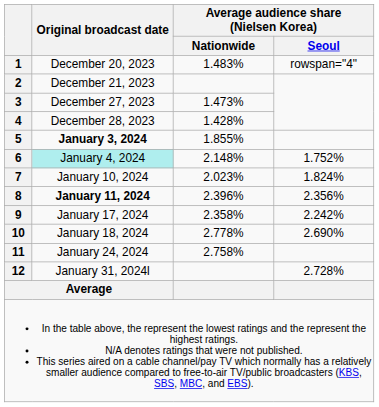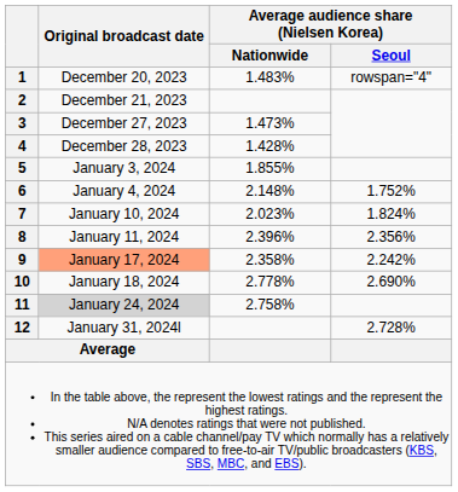 <table class="wikitable" style="margin-left:auto; margin-right:auto; width:500px; text-align:center">
 <tr>
 <th scope="col" rowspan="2"></th>
 <th scope="col" rowspan="2">Original broadcast date</th>
 <th scope="col" colspan="2">Average audience share<br>(Nielsen Korea)</th>
 </tr>
 <tr>
 <th scope="col" style="width:8em">Nationwide</th>
 <th scope="col" style="width:8em"><a href='#'>Seoul</a></th>
 </tr>
 <tr>
 <th scope="row">1</th>
 <td>December 20, 2023</td>
 <td>1.483% </td>
 <td>rowspan="4" </td>
 </tr>
 <tr>
 <th scope="row">2</th>
 <td>December 21, 2023</td>
 <td><strong></strong> </td>
 </tr>
 <tr>
 <th scope="row">3</th>
 <td>December 27, 2023</td>
 <td>1.473% </td>
 </tr>
 <tr>
 <th scope="row">4</th>
 <td>December 28, 2023</td>
 <td>1.428% </td>
 </tr>
 <tr>
 <th scope="row">5</th>
-<td><strong>January 3, 2024</strong></td>
+<td>January 3, 2024</td>
 <td>1.855% </td>
 <td><strong></strong> </td>
 </tr>
 <tr>
 <th scope="row">6</th>
-<td style="background: paleturquoise;">January 4, 2024</td>
+<td>January 4, 2024</td>
 <td>2.148% </td>
 <td>1.752% </td>
 </tr>
 <tr>
 <th scope="row">7</th>
 <td>January 10, 2024</td>
 <td>2.023% </td>
 <td>1.824% </td>
 </tr>
 <tr>
 <th scope="row">8</th>
-<td><strong>January 11, 2024</strong></td>
+<td>January 11, 2024</td>
 <td>2.396% </td>
 <td>2.356% </td>
 </tr>
 <tr>
 <th scope="row">9</th>
-<td>January 17, 2024</td>
+<td style="background: lightsalmon;">January 17, 2024</td>
 <td>2.358% </td>
 <td>2.242% </td>
 </tr>
 <tr>
 <th scope="row">10</th>
 <td>January 18, 2024</td>
 <td>2.778% </td>
 <td>2.690% </td>
 </tr>
 <tr>
 <th scope="row">11</th>
-<td>January 24, 2024</td>
+<td style="background: lightgrey;">January 24, 2024</td>
 <td>2.758% </td>
 <td><strong></strong> </td>
 </tr>
 <tr>
 <th scope="row">12</th>
 <td>January 31, 2024l</td>
 <td><strong></strong> </td>
 <td>2.728% </td>
 </tr>
 <tr>
 <th scope="col" colspan="2">Average</th>
 <th scope="col"></th>
 <th scope="col"></th>
 </tr>
 <tr>
 <td colspan="4" style="font-size:85%"><br><ul><li>In the table above, the <strong></strong> represent the lowest ratings and the <strong></strong> represent the highest ratings.</li><li>N/A denotes ratings that were not published.</li><li>This series aired on a cable channel/pay TV which normally has a relatively smaller audience compared to free-to-air TV/public broadcasters (<a href='#'>KBS</a>, <a href='#'>SBS</a>, <a href='#'>MBC</a>, and <a href='#'>EBS</a>).</li></ul></td>
 </tr>
 </table>
